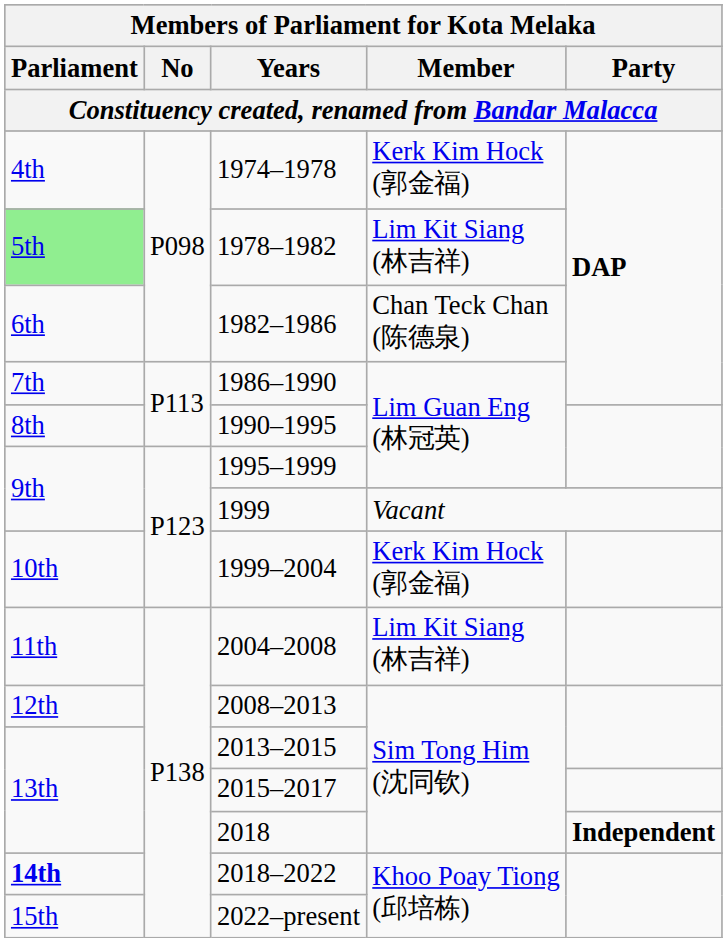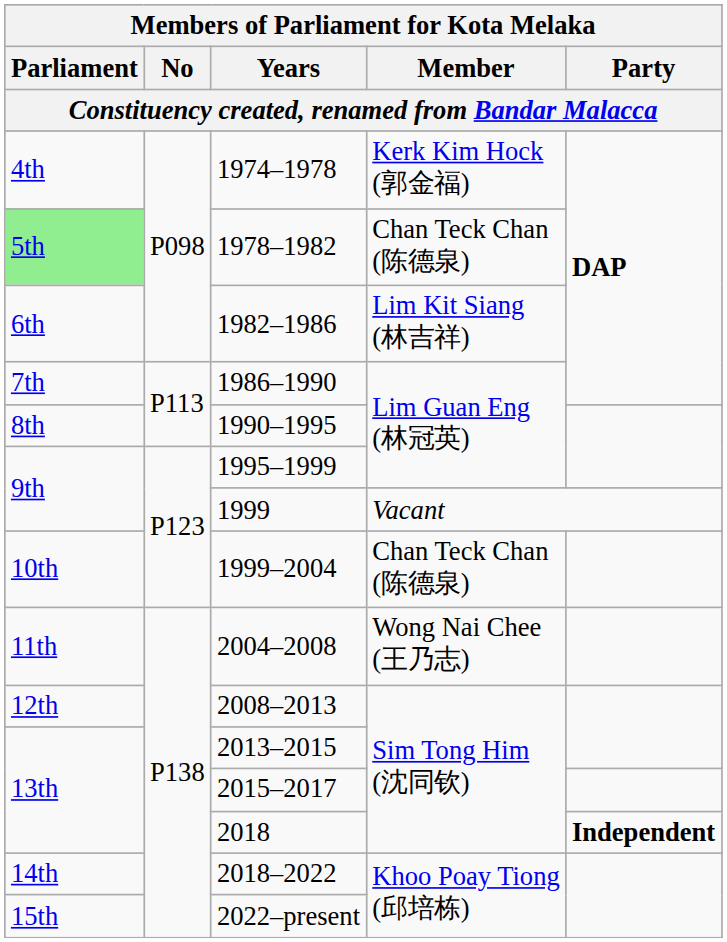 <table class=wikitable>
 <tr>
 <th colspan="5">Members of Parliament for Kota Melaka</th>
 </tr>
 <tr>
 <th>Parliament</th>
 <th>No</th>
 <th>Years</th>
 <th>Member</th>
 <th>Party</th>
 </tr>
 <tr>
 <th colspan="5" align="center"><em>Constituency created, renamed from <a href='#'>Bandar Malacca</a></em></th>
 </tr>
 <tr>
 <td><a href='#'>4th</a></td>
 <td rowspan="3">P098</td>
 <td>1974–1978</td>
 <td><a href='#'>Kerk Kim Hock</a> <br> (郭金福)</td>
 <td rowspan="4"><strong>DAP</strong></td>
 </tr>
 <tr>
 <td style="background: lightgreen;"><a href='#'>5th</a></td>
 <td>1978–1982</td>
-<td><a href='#'>Lim Kit Siang</a> <br> (林吉祥)</td>
+<td>Chan Teck Chan <br> (陈德泉)</td>
 </tr>
 <tr>
 <td><a href='#'>6th</a></td>
 <td>1982–1986</td>
-<td>Chan Teck Chan <br> (陈德泉)</td>
+<td><a href='#'>Lim Kit Siang</a> <br> (林吉祥)</td>
 </tr>
 <tr>
 <td><a href='#'>7th</a></td>
 <td rowspan="2">P113</td>
 <td>1986–1990</td>
 <td rowspan=3><a href='#'>Lim Guan Eng</a> <br> (林冠英)</td>
 </tr>
 <tr>
 <td><a href='#'>8th</a></td>
 <td>1990–1995</td>
 <td rowspan=2></td>
 </tr>
 <tr>
 <td rowspan="2"><a href='#'>9th</a></td>
 <td rowspan="3">P123</td>
 <td>1995–1999</td>
 </tr>
 <tr>
 <td>1999</td>
 <td colspan="2"><em>Vacant</em></td>
 </tr>
 <tr>
 <td><a href='#'>10th</a></td>
 <td>1999–2004</td>
-<td><a href='#'>Kerk Kim Hock</a> <br> (郭金福)</td>
+<td>Chan Teck Chan <br> (陈德泉)</td>
 <td></td>
 </tr>
 <tr>
 <td><a href='#'>11th</a></td>
 <td rowspan=7>P138</td>
 <td>2004–2008</td>
-<td><a href='#'>Lim Kit Siang</a> <br> (林吉祥)</td>
+<td>Wong Nai Chee <br> (王乃志)</td>
 <td></td>
 </tr>
 <tr>
 <td><a href='#'>12th</a></td>
 <td>2008–2013</td>
 <td rowspan=4><a href='#'>Sim Tong Him</a> <br> (沈同钦)</td>
 <td rowspan="2"></td>
 </tr>
 <tr>
 <td rowspan=3><a href='#'>13th</a></td>
 <td>2013–2015</td>
 </tr>
 <tr>
 <td>2015–2017</td>
 <td></td>
 </tr>
 <tr>
 <td>2018</td>
 <td><strong>Independent</strong></td>
 </tr>
 <tr>
-<td><strong><a href='#'>14th</a></strong></td>
+<td><a href='#'>14th</a></td>
 <td>2018–2022</td>
 <td rowspan="2"><a href='#'>Khoo Poay Tiong</a>  <br>(邱培栋)</td>
 <td rowspan="2"></td>
 </tr>
 <tr>
 <td><a href='#'>15th</a></td>
 <td>2022–present</td>
 </tr>
 </table>
